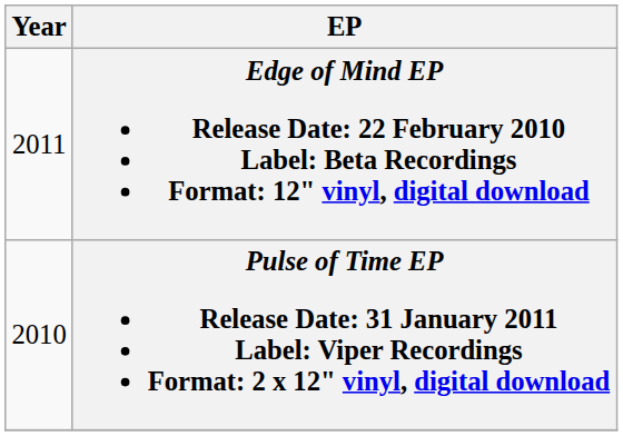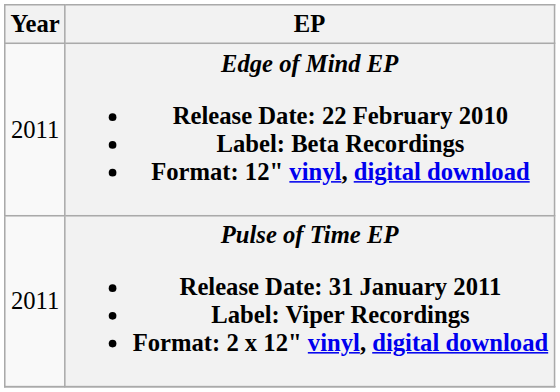 <table class="wikitable plainrowheaders" style="text-align:center;">
 <tr>
 <th>Year</th>
 <th>EP</th>
 </tr>
 <tr>
 <td>2011</td>
 <th scope="row"><em>Edge of Mind EP</em><br><ul><li>Release Date: 22 February 2010</li><li>Label: Beta Recordings</li><li>Format: 12" <a href='#'>vinyl</a>, <a href='#'>digital download</a></li></ul></th>
 </tr>
 <tr>
-<td>2010</td>
+<td>2011</td>
 <th scope="row"><em>Pulse of Time EP</em><br><ul><li>Release Date: 31 January 2011</li><li>Label: Viper Recordings</li><li>Format: 2 x 12" <a href='#'>vinyl</a>, <a href='#'>digital download</a></li></ul></th>
 </tr>
 <tr>
 </tr>
 </table>
